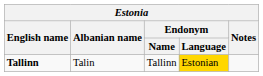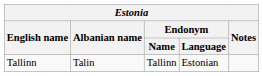 <table class="wikitable sortable">
 <tr>
 <th colspan="5"> <em>Estonia</em></th>
 </tr>
 <tr>
 <th rowspan="2">English name</th>
 <th rowspan="2">Albanian name</th>
 <th colspan="2">Endonym</th>
 <th rowspan="2">Notes</th>
 </tr>
 <tr>
 <th>Name</th>
 <th>Language</th>
 </tr>
 <tr>
-<td><strong>Tallinn</strong></td>
+<td>Tallinn</td>
 <td>Talin</td>
 <td>Tallinn</td>
-<td style="background: gold;">Estonian</td>
+<td>Estonian</td>
 <td></td>
 </tr>
 </table>
